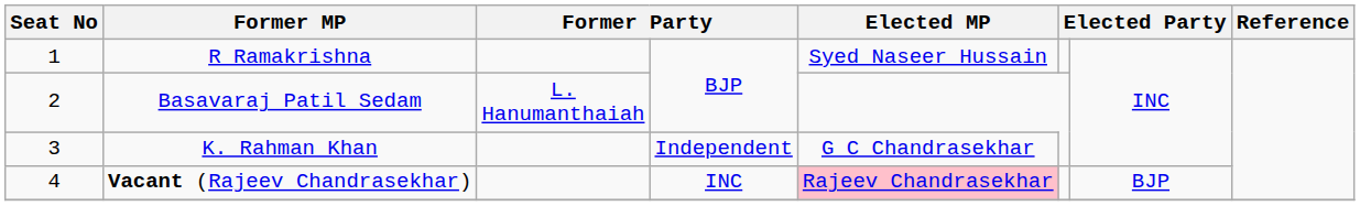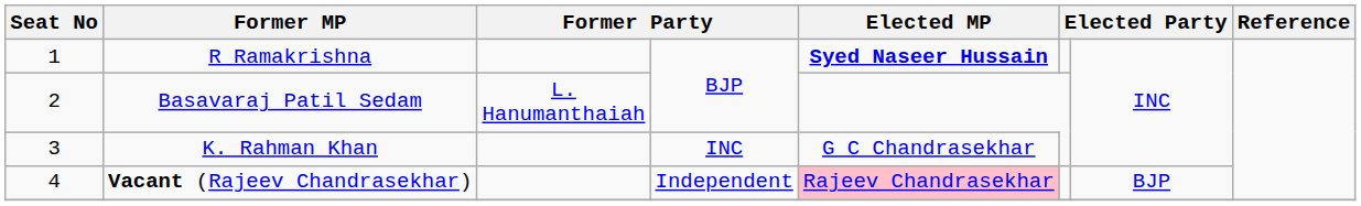 <table class="wikitable">
 <tr>
 <th>Seat No</th>
 <th>Former MP</th>
 <th colspan=2>Former Party</th>
 <th>Elected MP</th>
 <th colspan=2>Elected Party</th>
 <th>Reference</th>
 </tr>
 <tr style="text-align:center;">
 <td>1</td>
 <td><a href='#'>R Ramakrishna</a></td>
 <td width="1px"></td>
 <td rowspan=2><a href='#'>BJP</a></td>
-<td><a href='#'>Syed Naseer Hussain</a></td>
+<td><strong><a href='#'>Syed Naseer Hussain</a></strong></td>
 <td width="1px"></td>
 <td rowspan=3><a href='#'>INC</a></td>
 <td rowspan=4></td>
 </tr>
 <tr style="text-align:center;">
 <td>2</td>
 <td><a href='#'>Basavaraj Patil Sedam</a></td>
 <td><a href='#'>L. Hanumanthaiah</a></td>
 </tr>
 <tr style="text-align:center;">
 <td>3</td>
 <td><a href='#'>K. Rahman Khan</a></td>
 <td width="1px"></td>
-<td><a href='#'>Independent</a></td>
+<td><a href='#'>INC</a></td>
 <td><a href='#'>G C Chandrasekhar</a></td>
 </tr>
 <tr style="text-align:center;">
 <td>4</td>
 <td><strong>Vacant</strong> (<a href='#'>Rajeev Chandrasekhar</a>)</td>
 <td width="1px"></td>
-<td><a href='#'>INC</a></td>
+<td><a href='#'>Independent</a></td>
 <td style="background: pink;"><a href='#'>Rajeev Chandrasekhar</a></td>
 <td width="1px"></td>
 <td><a href='#'>BJP</a></td>
 </tr>
 <tr>
 </tr>
 </table>
